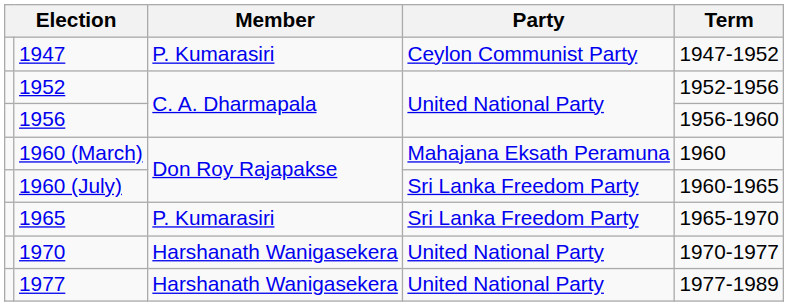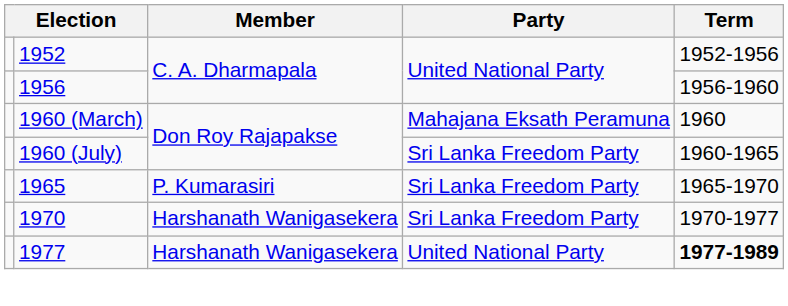 <table class="wikitable">
 <tr>
 <th colspan="2">Election</th>
 <th>Member</th>
 <th>Party</th>
 <th>Term</th>
-</tr>
-<tr>
-<td style="background-color: "></td>
-<td><a href='#'>1947</a></td>
-<td><a href='#'>P. Kumarasiri</a></td>
-<td><a href='#'>Ceylon Communist Party</a></td>
-<td>1947-1952</td>
 </tr>
 <tr>
 <td style="background-color: "></td>
 <td><a href='#'>1952</a></td>
 <td rowspan=2><a href='#'>C. A. Dharmapala</a></td>
 <td rowspan=2><a href='#'>United National Party</a></td>
 <td>1952-1956</td>
 </tr>
 <tr>
 <td style="background-color: "></td>
 <td><a href='#'>1956</a></td>
 <td>1956-1960</td>
 </tr>
 <tr>
 <td style="background-color: "></td>
 <td><a href='#'>1960 (March)</a></td>
 <td rowspan=2><a href='#'>Don Roy Rajapakse</a></td>
 <td><a href='#'>Mahajana Eksath Peramuna</a></td>
 <td>1960</td>
 </tr>
 <tr>
 <td style="background-color: "></td>
 <td><a href='#'>1960 (July)</a></td>
 <td><a href='#'>Sri Lanka Freedom Party</a></td>
 <td>1960-1965</td>
 </tr>
 <tr>
 <td style="background-color: "></td>
 <td><a href='#'>1965</a></td>
 <td><a href='#'>P. Kumarasiri</a></td>
 <td><a href='#'>Sri Lanka Freedom Party</a></td>
 <td>1965-1970</td>
 </tr>
 <tr>
 <td style="background-color: "></td>
 <td><a href='#'>1970</a></td>
 <td><a href='#'>Harshanath Wanigasekera</a></td>
-<td><a href='#'>United National Party</a></td>
+<td><a href='#'>Sri Lanka Freedom Party</a></td>
 <td>1970-1977</td>
 </tr>
 <tr>
 <td style="background-color: "></td>
 <td><a href='#'>1977</a></td>
 <td><a href='#'>Harshanath Wanigasekera</a></td>
 <td><a href='#'>United National Party</a></td>
-<td>1977-1989</td>
+<td><strong>1977-1989</strong></td>
 </tr>
 </table>
